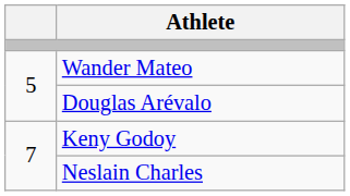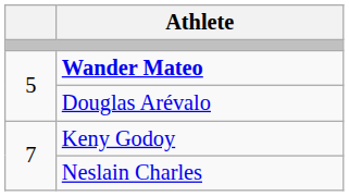 <table class="wikitable">
 <tr>
 <th width="30"></th>
 <th width="200">Athlete</th>
 </tr>
 <tr bgcolor="C0C0C0">
 <td colspan=2></td>
 </tr>
 <tr>
 <td align="center" rowspan=2>5</td>
-<td> <a href='#'>Wander Mateo</a></td>
+<td><strong> <a href='#'>Wander Mateo</a></strong></td>
 </tr>
 <tr>
 <td> <a href='#'>Douglas Arévalo</a></td>
 </tr>
 <tr>
 <td align="center" rowspan=2>7</td>
 <td> <a href='#'>Keny Godoy</a></td>
 </tr>
 <tr>
 <td> <a href='#'>Neslain Charles</a></td>
 </tr>
 </table>
